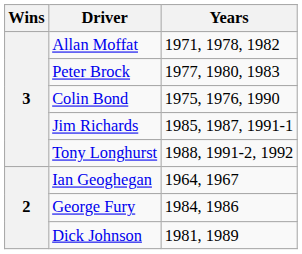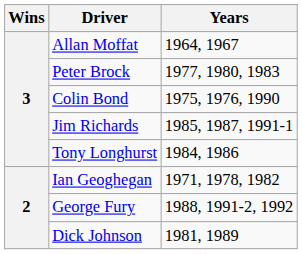 <table class="wikitable" style="font-size: 95%;">
 <tr>
 <th>Wins</th>
 <th>Driver</th>
 <th>Years</th>
 </tr>
 <tr>
 <th rowspan="5">3</th>
 <td> <a href='#'>Allan Moffat</a></td>
-<td>1971, 1978, 1982</td>
+<td>1964, 1967</td>
 </tr>
 <tr>
 <td> <a href='#'>Peter Brock</a></td>
 <td>1977, 1980, 1983</td>
 </tr>
 <tr>
 <td> <a href='#'>Colin Bond</a></td>
 <td>1975, 1976, 1990</td>
 </tr>
 <tr>
 <td> <a href='#'>Jim Richards</a></td>
 <td>1985, 1987, 1991-1</td>
 </tr>
 <tr>
 <td> <a href='#'>Tony Longhurst</a></td>
-<td>1988, 1991-2, 1992</td>
+<td>1984, 1986</td>
 </tr>
 <tr>
 <th rowspan="3">2</th>
 <td> <a href='#'>Ian Geoghegan</a></td>
-<td>1964, 1967</td>
+<td>1971, 1978, 1982</td>
 </tr>
 <tr>
 <td> <a href='#'>George Fury</a></td>
-<td>1984, 1986</td>
+<td>1988, 1991-2, 1992</td>
 </tr>
 <tr>
 <td> <a href='#'>Dick Johnson</a></td>
 <td>1981, 1989</td>
 </tr>
 </table>
